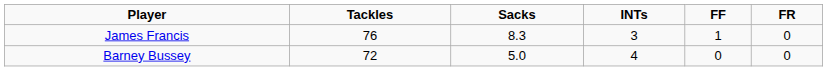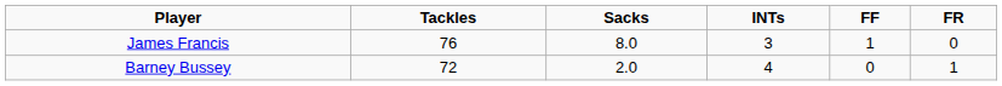 <table class="wikitable" width="80%">
 <tr align="center">
 <td><strong>Player</strong></td>
 <td><strong>Tackles</strong></td>
 <td><strong>Sacks</strong></td>
 <td><strong>INTs</strong></td>
 <td><strong>FF</strong></td>
 <td><strong>FR</strong></td>
 </tr>
 <tr align="center" bgcolor="">
 <td><a href='#'>James Francis</a></td>
 <td>76</td>
-<td>8.3</td>
+<td>8.0</td>
 <td>3</td>
 <td>1</td>
 <td>0</td>
 </tr>
 <tr align="center" bgcolor="">
 <td><a href='#'>Barney Bussey</a></td>
 <td>72</td>
-<td>5.0</td>
+<td>2.0</td>
 <td>4</td>
 <td>0</td>
-<td>0</td>
+<td>1</td>
 </tr>
 </table>
